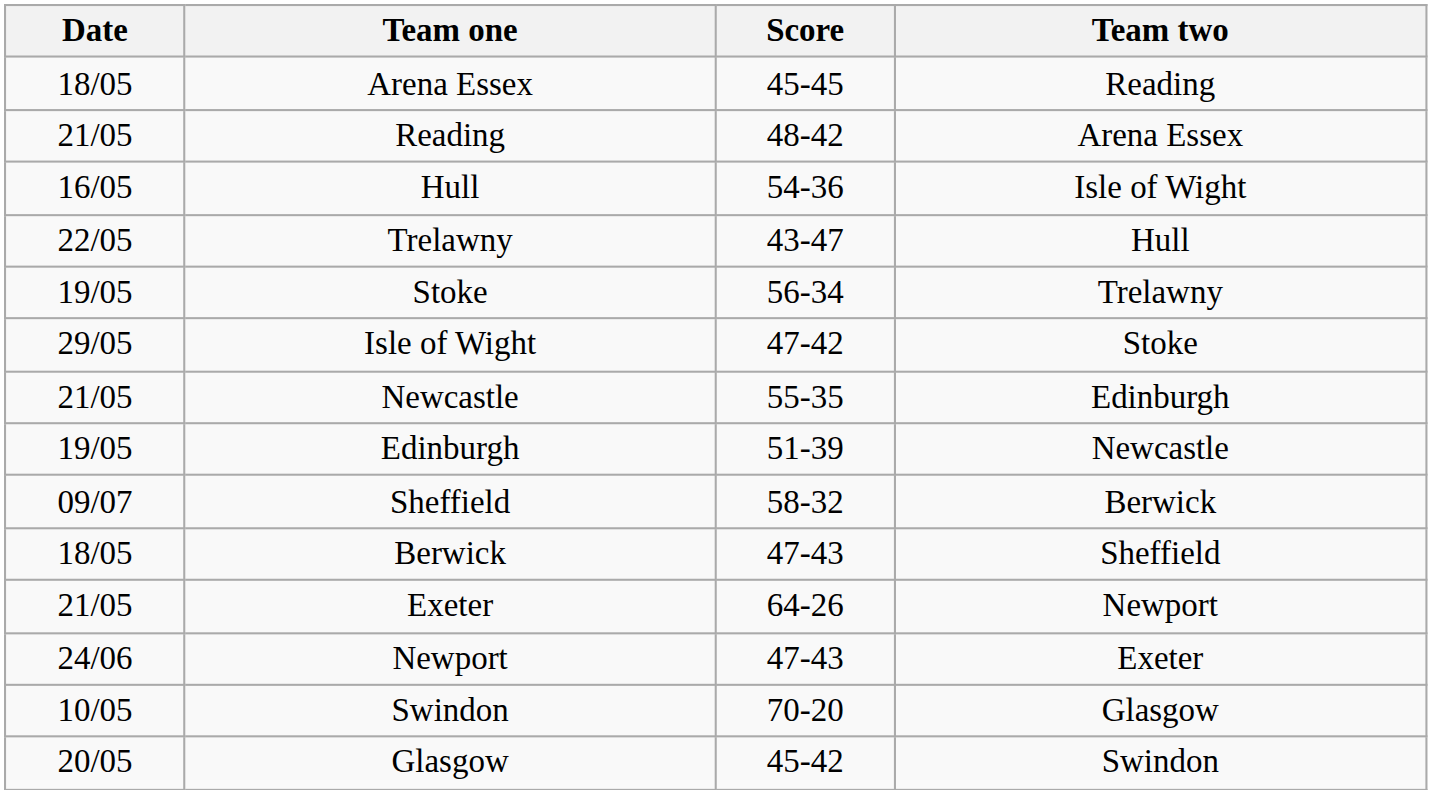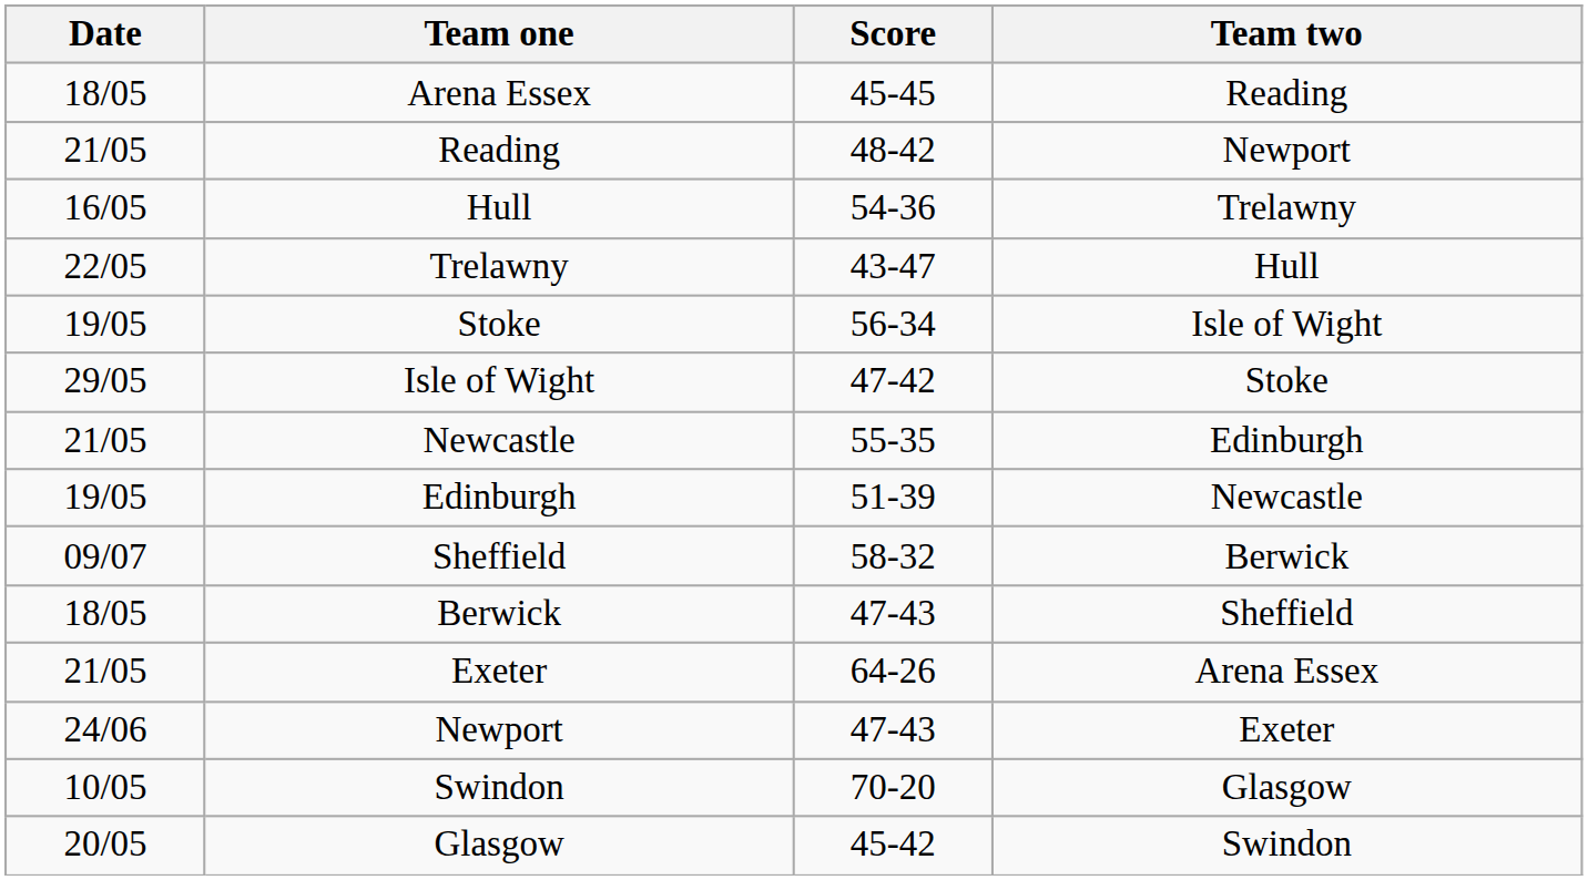 <table class="wikitable" style="text-align: center">
 <tr>
 <th width=80>Date</th>
 <th width=250>Team one</th>
 <th width=80>Score</th>
 <th width=250>Team two</th>
 </tr>
 <tr>
 <td>18/05</td>
 <td>Arena Essex</td>
 <td>45-45</td>
 <td>Reading</td>
 </tr>
 <tr>
 <td>21/05</td>
 <td>Reading</td>
 <td>48-42</td>
-<td>Arena Essex</td>
+<td>Newport</td>
 </tr>
 <tr>
 <td>16/05</td>
 <td>Hull</td>
 <td>54-36</td>
-<td>Isle of Wight</td>
+<td>Trelawny</td>
 </tr>
 <tr>
 <td>22/05</td>
 <td>Trelawny</td>
 <td>43-47</td>
 <td>Hull</td>
 </tr>
 <tr>
 <td>19/05</td>
 <td>Stoke</td>
 <td>56-34</td>
-<td>Trelawny</td>
+<td>Isle of Wight</td>
 </tr>
 <tr>
 <td>29/05</td>
 <td>Isle of Wight</td>
 <td>47-42</td>
 <td>Stoke</td>
 </tr>
 <tr>
 <td>21/05</td>
 <td>Newcastle</td>
 <td>55-35</td>
 <td>Edinburgh</td>
 </tr>
 <tr>
 <td>19/05</td>
 <td>Edinburgh</td>
 <td>51-39</td>
 <td>Newcastle</td>
 </tr>
 <tr>
 <td>09/07</td>
 <td>Sheffield</td>
 <td>58-32</td>
 <td>Berwick</td>
 </tr>
 <tr>
 <td>18/05</td>
 <td>Berwick</td>
 <td>47-43</td>
 <td>Sheffield</td>
 </tr>
 <tr>
 <td>21/05</td>
 <td>Exeter</td>
 <td>64-26</td>
-<td>Newport</td>
+<td>Arena Essex</td>
 </tr>
 <tr>
 <td>24/06</td>
 <td>Newport</td>
 <td>47-43</td>
 <td>Exeter</td>
 </tr>
 <tr>
 <td>10/05</td>
 <td>Swindon</td>
 <td>70-20</td>
 <td>Glasgow</td>
 </tr>
 <tr>
 <td>20/05</td>
 <td>Glasgow</td>
 <td>45-42</td>
 <td>Swindon</td>
 </tr>
 </table>
